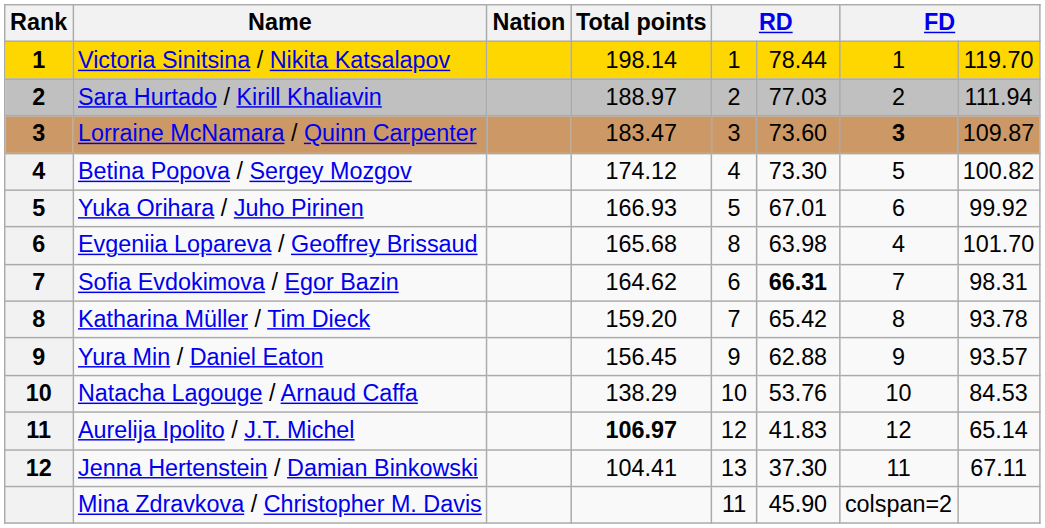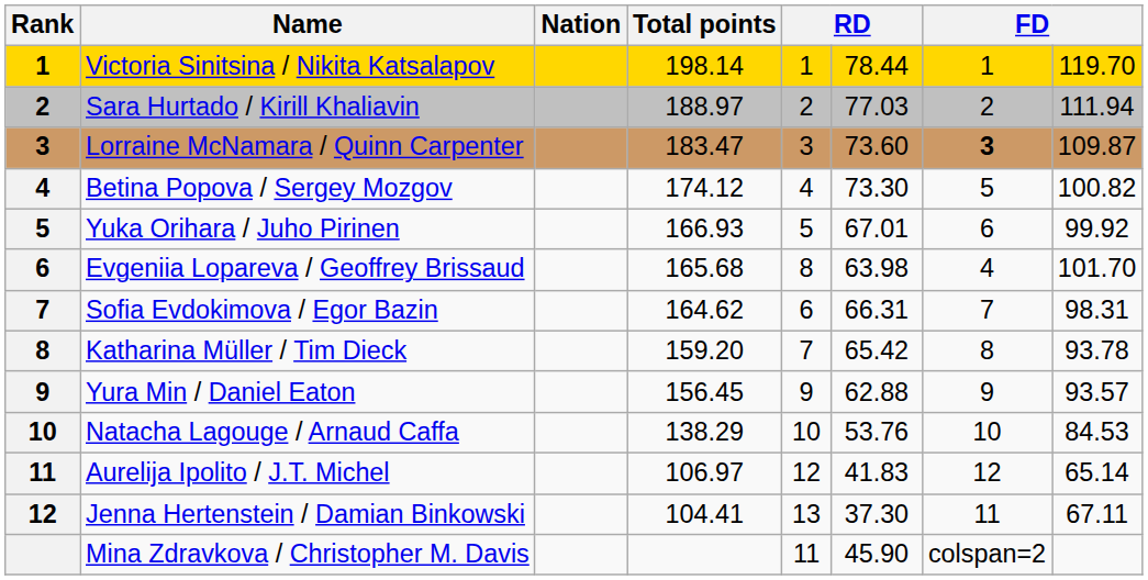 <table class="wikitable sortable">
 <tr>
 <th>Rank</th>
 <th>Name</th>
 <th>Nation</th>
 <th>Total points</th>
 <th colspan="2" width="80px"><a href='#'>RD</a></th>
 <th colspan="2" width="80px"><a href='#'>FD</a></th>
 </tr>
 <tr bgcolor="gold">
 <td align="center"><strong>1</strong></td>
 <td><a href='#'>Victoria Sinitsina</a> / <a href='#'>Nikita Katsalapov</a></td>
 <td></td>
 <td align="center">198.14</td>
 <td align="center">1</td>
 <td align="center">78.44</td>
 <td align="center">1</td>
 <td align="center">119.70</td>
 </tr>
 <tr bgcolor="silver">
 <td align="center"><strong>2</strong></td>
 <td><a href='#'>Sara Hurtado</a> / <a href='#'>Kirill Khaliavin</a></td>
 <td></td>
 <td align="center">188.97</td>
 <td align="center">2</td>
 <td align="center">77.03</td>
 <td align="center">2</td>
 <td align="center">111.94</td>
 </tr>
 <tr bgcolor="cc9966">
 <td align="center"><strong>3</strong></td>
 <td><a href='#'>Lorraine McNamara</a> / <a href='#'>Quinn Carpenter</a></td>
 <td></td>
 <td align="center">183.47</td>
 <td align="center">3</td>
 <td align="center">73.60</td>
 <td align="center"><strong>3</strong></td>
 <td align="center">109.87</td>
 </tr>
 <tr>
 <th>4</th>
 <td><a href='#'>Betina Popova</a> / <a href='#'>Sergey Mozgov</a></td>
 <td></td>
 <td align="center">174.12</td>
 <td align="center">4</td>
 <td align="center">73.30</td>
 <td align="center">5</td>
 <td align="center">100.82</td>
 </tr>
 <tr>
 <th>5</th>
 <td><a href='#'>Yuka Orihara</a> / <a href='#'>Juho Pirinen</a></td>
 <td></td>
 <td align="center">166.93</td>
 <td align="center">5</td>
 <td align="center">67.01</td>
 <td align="center">6</td>
 <td align="center">99.92</td>
 </tr>
 <tr>
 <th>6</th>
 <td><a href='#'>Evgeniia Lopareva</a> / <a href='#'>Geoffrey Brissaud</a></td>
 <td></td>
 <td align="center">165.68</td>
 <td align="center">8</td>
 <td align="center">63.98</td>
 <td align="center">4</td>
 <td align="center">101.70</td>
 </tr>
 <tr>
 <th>7</th>
 <td><a href='#'>Sofia Evdokimova</a> / <a href='#'>Egor Bazin</a></td>
 <td></td>
 <td align="center">164.62</td>
 <td align="center">6</td>
-<td align="center"><strong>66.31</strong></td>
+<td align="center">66.31</td>
 <td align="center">7</td>
 <td align="center">98.31</td>
 </tr>
 <tr>
 <th>8</th>
 <td><a href='#'>Katharina Müller</a> / <a href='#'>Tim Dieck</a></td>
 <td></td>
 <td align="center">159.20</td>
 <td align="center">7</td>
 <td align="center">65.42</td>
 <td align="center">8</td>
 <td align="center">93.78</td>
 </tr>
 <tr>
 <th>9</th>
 <td><a href='#'>Yura Min</a> / <a href='#'>Daniel Eaton</a></td>
 <td></td>
 <td align="center">156.45</td>
 <td align="center">9</td>
 <td align="center">62.88</td>
 <td align="center">9</td>
 <td align="center">93.57</td>
 </tr>
 <tr>
 <th>10</th>
 <td><a href='#'>Natacha Lagouge</a> / <a href='#'>Arnaud Caffa</a></td>
 <td></td>
 <td align="center">138.29</td>
 <td align="center">10</td>
 <td align="center">53.76</td>
 <td align="center">10</td>
 <td align="center">84.53</td>
 </tr>
 <tr>
 <th>11</th>
 <td><a href='#'>Aurelija Ipolito</a> / <a href='#'>J.T. Michel</a></td>
 <td></td>
-<td align="center"><strong>106.97</strong></td>
+<td align="center">106.97</td>
 <td align="center">12</td>
 <td align="center">41.83</td>
 <td align="center">12</td>
 <td align="center">65.14</td>
 </tr>
 <tr>
 <th>12</th>
 <td><a href='#'>Jenna Hertenstein</a> / <a href='#'>Damian Binkowski</a></td>
 <td></td>
 <td align="center">104.41</td>
 <td align="center">13</td>
 <td align="center">37.30</td>
 <td align="center">11</td>
 <td align="center">67.11</td>
 </tr>
 <tr>
 <th></th>
 <td><a href='#'>Mina Zdravkova</a> / <a href='#'>Christopher M. Davis</a></td>
 <td></td>
 <td></td>
 <td align="center">11</td>
 <td align="center">45.90</td>
 <td>colspan=2 </td>
 </tr>
 </table>
